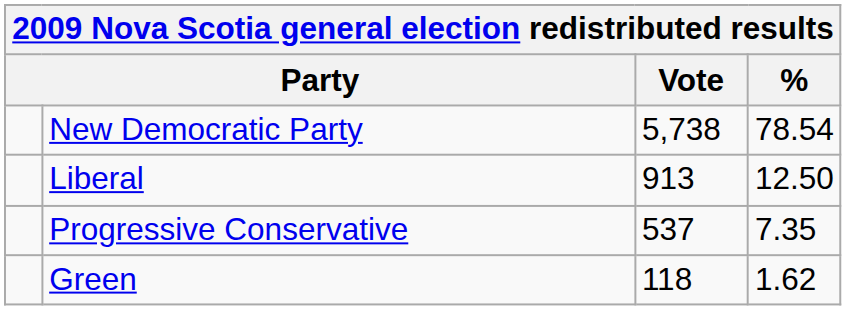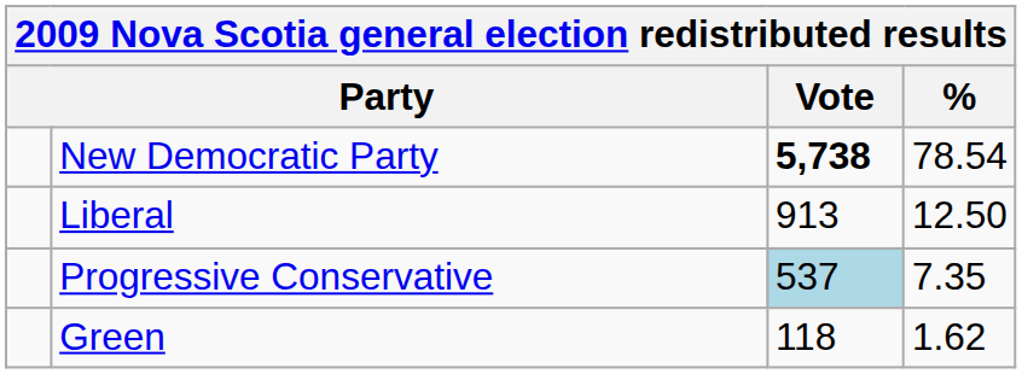 <table class="wikitable">
 <tr>
 <th colspan="4"><a href='#'>2009 Nova Scotia general election</a> redistributed results</th>
 </tr>
 <tr>
 <th bgcolor="#DDDDFF" width="230px" colspan="2">Party</th>
 <th bgcolor="#DDDDFF" width="50px">Vote</th>
 <th bgcolor="#DDDDFF" width="30px">%</th>
 </tr>
 <tr>
 <td> </td>
 <td><a href='#'>New Democratic Party</a></td>
-<td>5,738</td>
+<td><strong>5,738</strong></td>
 <td>78.54</td>
 </tr>
 <tr>
 <td> </td>
 <td><a href='#'>Liberal</a></td>
 <td>913</td>
 <td>12.50</td>
 </tr>
 <tr>
 <td> </td>
 <td><a href='#'>Progressive Conservative</a></td>
-<td>537</td>
+<td style="background: lightblue;">537</td>
 <td>7.35</td>
 </tr>
 <tr>
 <td> </td>
 <td><a href='#'>Green</a></td>
 <td>118</td>
 <td>1.62</td>
 </tr>
 </table>
